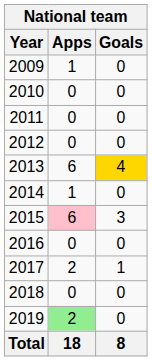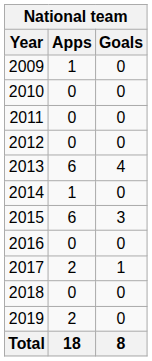 <table class="wikitable" style="text-align:center">
 <tr>
 <th colspan=3>National team</th>
 </tr>
 <tr>
 <th>Year</th>
 <th>Apps</th>
 <th>Goals</th>
 </tr>
 <tr>
 <td>2009</td>
 <td>1</td>
 <td>0</td>
 </tr>
 <tr>
 <td>2010</td>
 <td>0</td>
 <td>0</td>
 </tr>
 <tr>
 <td>2011</td>
 <td>0</td>
 <td>0</td>
 </tr>
 <tr>
 <td>2012</td>
 <td>0</td>
 <td>0</td>
 </tr>
 <tr>
 <td>2013</td>
 <td>6</td>
-<td style="background: gold;">4</td>
+<td>4</td>
 </tr>
 <tr>
 <td>2014</td>
 <td>1</td>
 <td>0</td>
 </tr>
 <tr>
 <td>2015</td>
-<td style="background: pink;">6</td>
+<td>6</td>
 <td>3</td>
 </tr>
 <tr>
 <td>2016</td>
 <td>0</td>
 <td>0</td>
 </tr>
 <tr>
 <td>2017</td>
 <td>2</td>
 <td>1</td>
 </tr>
 <tr>
 <td>2018</td>
 <td>0</td>
 <td>0</td>
 </tr>
 <tr>
 <td>2019</td>
-<td style="background: lightgreen;">2</td>
+<td>2</td>
 <td>0</td>
 </tr>
 <tr>
 <th>Total</th>
 <th>18</th>
 <th>8</th>
 </tr>
 </table>
